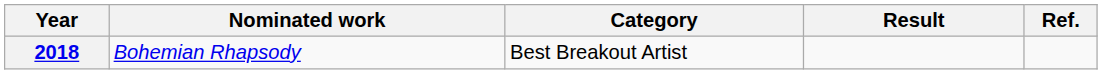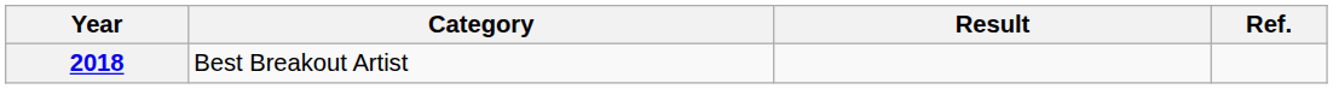 <table class="wikitable">
 <tr>
 <th width=2%>Year</th>
-<th width=11%>Nominated work</th>
 <th width=8%>Category</th>
 <th width=6%>Result</th>
 <th width=1%>Ref.</th>
 </tr>
 <tr>
 <th scope=row><a href='#'>2018</a></th>
-<td><em><a href='#'>Bohemian Rhapsody</a></em></td>
 <td>Best Breakout Artist</td>
 <td></td>
 <td style="text-align:center;"></td>
 </tr>
 </table>
